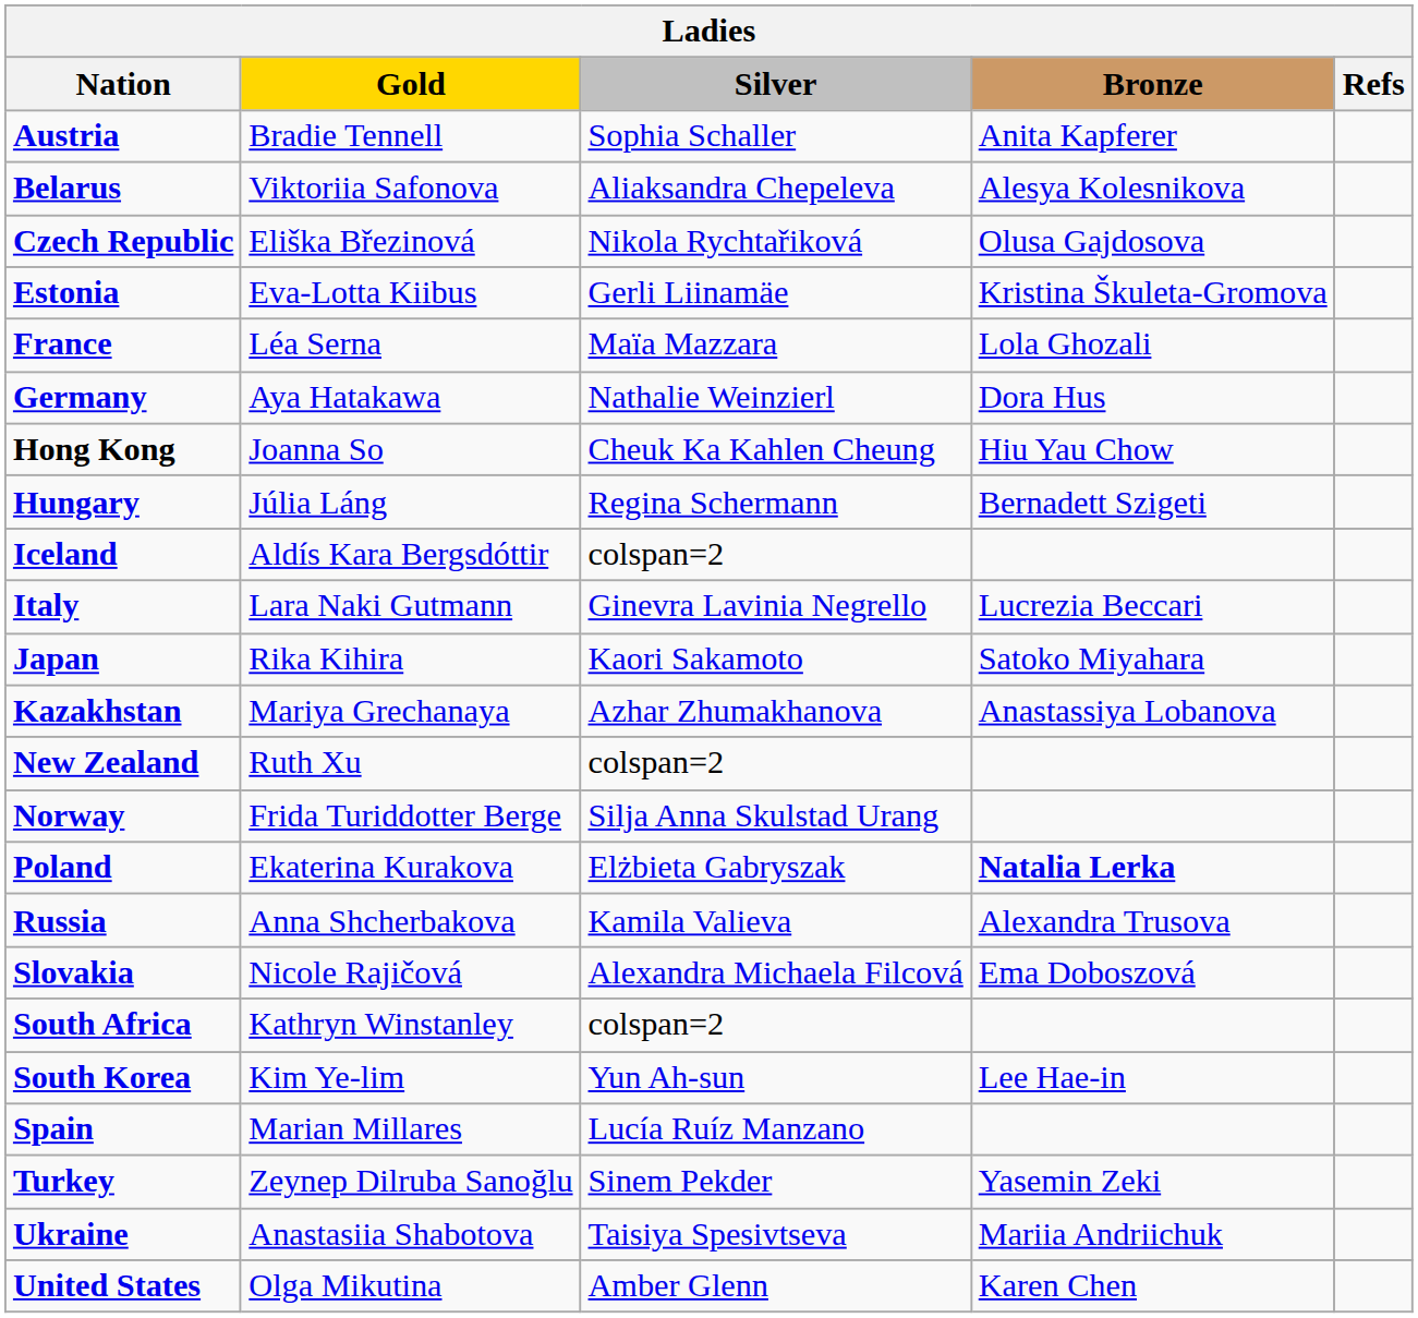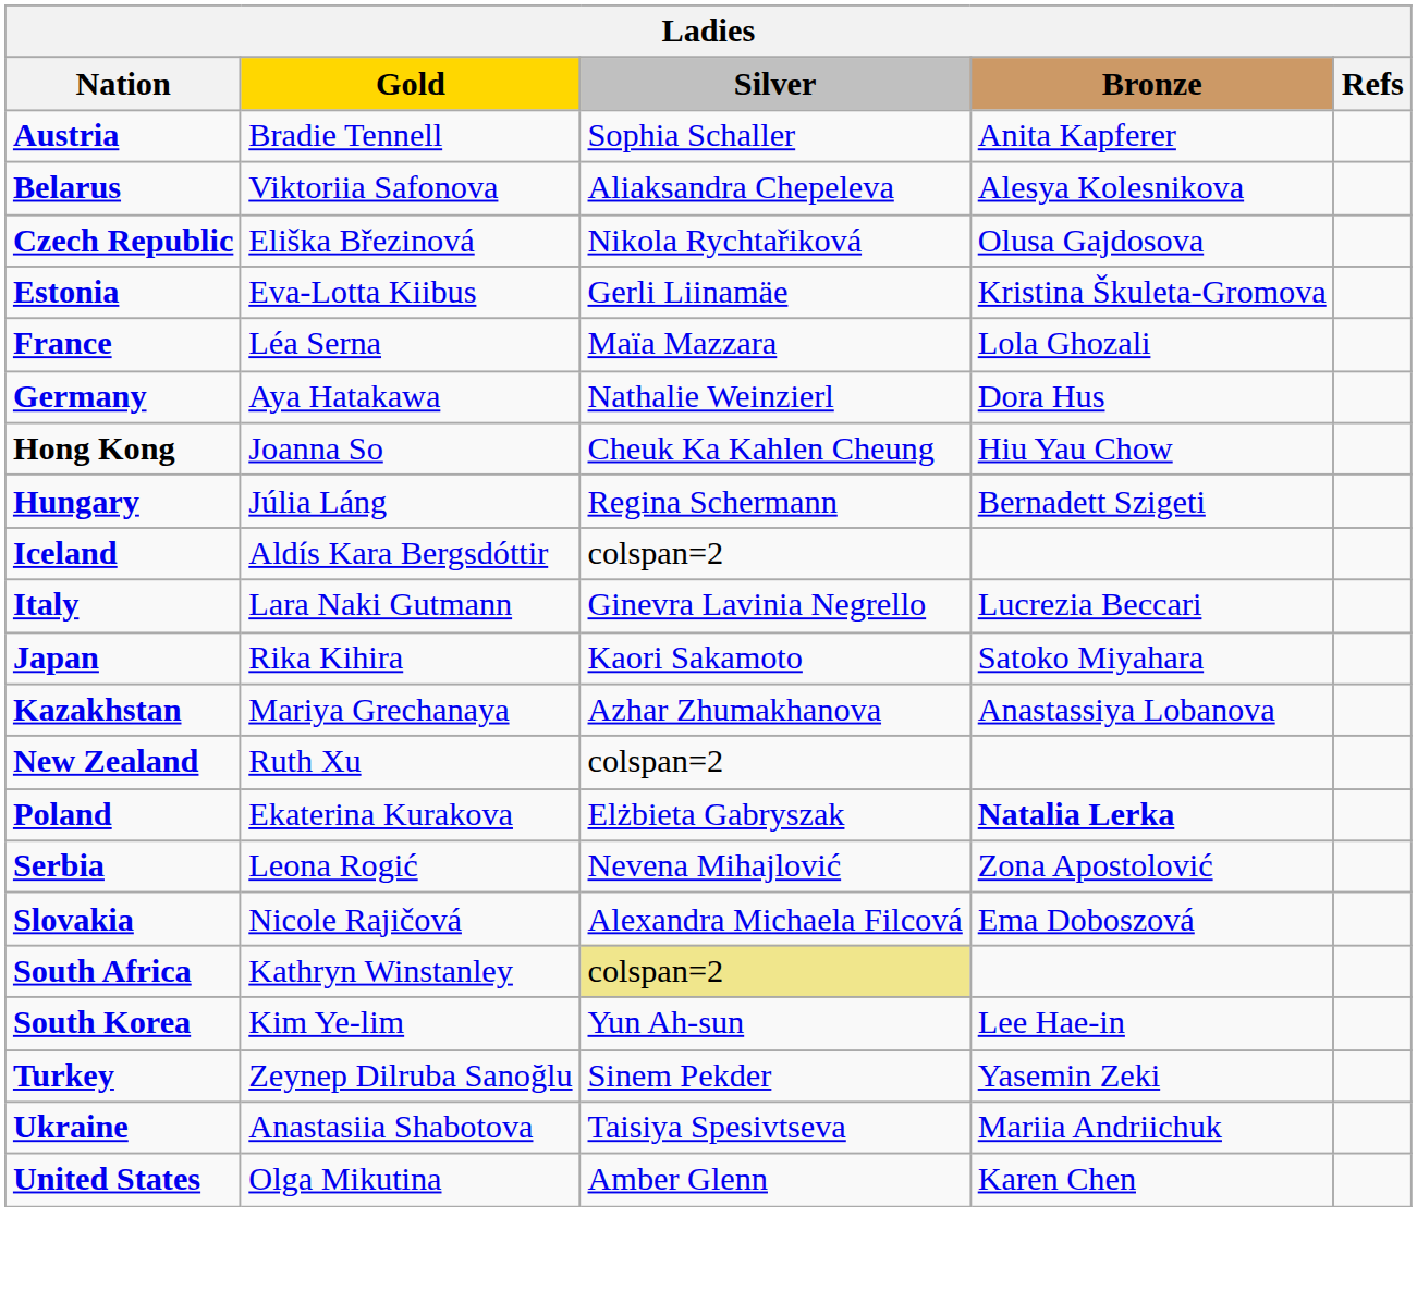 <table class="wikitable">
 <tr>
 <th colspan=5>Ladies</th>
 </tr>
 <tr>
 <th>Nation</th>
 <td style="text-align:center; background:gold;"><strong>Gold</strong></td>
 <td style="text-align:center; background:silver;"><strong>Silver</strong></td>
 <td style="text-align:center; background:#c96;"><strong>Bronze</strong></td>
 <th>Refs</th>
 </tr>
 <tr>
 <td><strong> <a href='#'>Austria</a></strong></td>
 <td><a href='#'>Bradie Tennell</a></td>
 <td><a href='#'>Sophia Schaller</a></td>
 <td><a href='#'>Anita Kapferer</a></td>
 <td></td>
 </tr>
 <tr>
 <td><strong> <a href='#'>Belarus</a></strong></td>
 <td><a href='#'>Viktoriia Safonova</a></td>
 <td><a href='#'>Aliaksandra Chepeleva</a></td>
 <td><a href='#'>Alesya Kolesnikova</a></td>
 <td></td>
 </tr>
 <tr>
 <td><strong> <a href='#'>Czech Republic</a></strong></td>
 <td><a href='#'>Eliška Březinová</a></td>
 <td><a href='#'>Nikola Rychtařiková</a></td>
 <td><a href='#'>Olusa Gajdosova</a></td>
 <td></td>
 </tr>
 <tr>
 <td><strong> <a href='#'>Estonia</a></strong></td>
 <td><a href='#'>Eva-Lotta Kiibus</a></td>
 <td><a href='#'>Gerli Liinamäe</a></td>
 <td><a href='#'>Kristina Škuleta-Gromova</a></td>
 <td></td>
 </tr>
 <tr>
 <td><strong> <a href='#'>France</a></strong></td>
 <td><a href='#'>Léa Serna</a></td>
 <td><a href='#'>Maïa Mazzara</a></td>
 <td><a href='#'>Lola Ghozali</a></td>
 <td></td>
 </tr>
 <tr>
 <td><strong> <a href='#'>Germany</a></strong></td>
 <td><a href='#'>Aya Hatakawa</a></td>
 <td><a href='#'>Nathalie Weinzierl</a></td>
 <td><a href='#'>Dora Hus</a></td>
 <td></td>
 </tr>
 <tr>
 <td><strong> Hong Kong</strong></td>
 <td><a href='#'>Joanna So</a></td>
 <td><a href='#'>Cheuk Ka Kahlen Cheung</a></td>
 <td><a href='#'>Hiu Yau Chow</a></td>
 <td></td>
 </tr>
 <tr>
 <td><strong> <a href='#'>Hungary</a></strong></td>
 <td><a href='#'>Júlia Láng</a></td>
 <td><a href='#'>Regina Schermann</a></td>
 <td><a href='#'>Bernadett Szigeti</a></td>
 <td></td>
 </tr>
 <tr>
 <td><strong> <a href='#'>Iceland</a></strong></td>
 <td><a href='#'>Aldís Kara Bergsdóttir</a></td>
 <td>colspan=2 </td>
 <td></td>
 </tr>
 <tr>
 <td><strong> <a href='#'>Italy</a></strong></td>
 <td><a href='#'>Lara Naki Gutmann</a></td>
 <td><a href='#'>Ginevra Lavinia Negrello</a></td>
 <td><a href='#'>Lucrezia Beccari</a></td>
 <td></td>
 </tr>
 <tr>
 <td><strong> <a href='#'>Japan</a></strong></td>
 <td><a href='#'>Rika Kihira</a></td>
 <td><a href='#'>Kaori Sakamoto</a></td>
 <td><a href='#'>Satoko Miyahara</a></td>
 <td></td>
 </tr>
 <tr>
 <td><strong> <a href='#'>Kazakhstan</a></strong></td>
 <td><a href='#'>Mariya Grechanaya</a></td>
 <td><a href='#'>Azhar Zhumakhanova</a></td>
 <td><a href='#'>Anastassiya Lobanova</a></td>
 <td></td>
 </tr>
 <tr>
 <td><strong> <a href='#'>New Zealand</a></strong></td>
 <td><a href='#'>Ruth Xu</a></td>
 <td>colspan=2 </td>
 <td></td>
 </tr>
 <tr>
-<td><strong> <a href='#'>Norway</a></strong></td>
-<td><a href='#'>Frida Turiddotter Berge</a></td>
-<td><a href='#'>Silja Anna Skulstad Urang</a></td>
-<td></td>
-<td></td>
-</tr>
-<tr>
 <td><strong> <a href='#'>Poland</a></strong></td>
 <td><a href='#'>Ekaterina Kurakova</a></td>
 <td><a href='#'>Elżbieta Gabryszak</a></td>
 <td><strong><a href='#'>Natalia Lerka</a></strong></td>
 <td></td>
 </tr>
 <tr>
-<td><strong> <a href='#'>Russia</a></strong></td>
-<td><a href='#'>Anna Shcherbakova</a></td>
-<td><a href='#'>Kamila Valieva</a></td>
-<td><a href='#'>Alexandra Trusova</a></td>
+<td><strong> <a href='#'>Serbia</a></strong></td>
+<td><a href='#'>Leona Rogić</a></td>
+<td><a href='#'>Nevena Mihajlović</a></td>
+<td><a href='#'>Zona Apostolović</a></td>
 <td></td>
 </tr>
 <tr>
 <td><strong> <a href='#'>Slovakia</a></strong></td>
 <td><a href='#'>Nicole Rajičová</a></td>
 <td><a href='#'>Alexandra Michaela Filcová</a></td>
 <td><a href='#'>Ema Doboszová</a></td>
 <td></td>
 </tr>
 <tr>
 <td><strong> <a href='#'>South Africa</a></strong></td>
 <td><a href='#'>Kathryn Winstanley</a></td>
-<td>colspan=2 </td>
+<td style="background: khaki;">colspan=2 </td>
 <td></td>
 </tr>
 <tr>
 <td><strong> <a href='#'>South Korea</a></strong></td>
 <td><a href='#'>Kim Ye-lim</a></td>
 <td><a href='#'>Yun Ah-sun</a></td>
 <td><a href='#'>Lee Hae-in</a></td>
-<td></td>
-</tr>
-<tr>
-<td><strong> <a href='#'>Spain</a></strong></td>
-<td><a href='#'>Marian Millares</a></td>
-<td><a href='#'>Lucía Ruíz Manzano</a></td>
-<td></td>
 <td></td>
 </tr>
 <tr>
 <td><strong> <a href='#'>Turkey</a></strong></td>
 <td><a href='#'>Zeynep Dilruba Sanoğlu</a></td>
 <td><a href='#'>Sinem Pekder</a></td>
 <td><a href='#'>Yasemin Zeki</a></td>
 <td></td>
 </tr>
 <tr>
 <td><strong> <a href='#'>Ukraine</a></strong></td>
 <td><a href='#'>Anastasiia Shabotova</a></td>
 <td><a href='#'>Taisiya Spesivtseva</a></td>
 <td><a href='#'>Mariia Andriichuk</a></td>
 <td></td>
 </tr>
 <tr>
 <td><strong> <a href='#'>United States</a></strong></td>
 <td><a href='#'>Olga Mikutina</a></td>
 <td><a href='#'>Amber Glenn</a></td>
 <td><a href='#'>Karen Chen</a></td>
 <td></td>
 </tr>
 </table>
